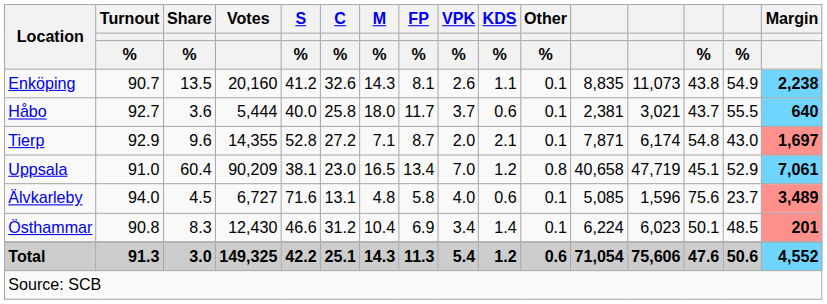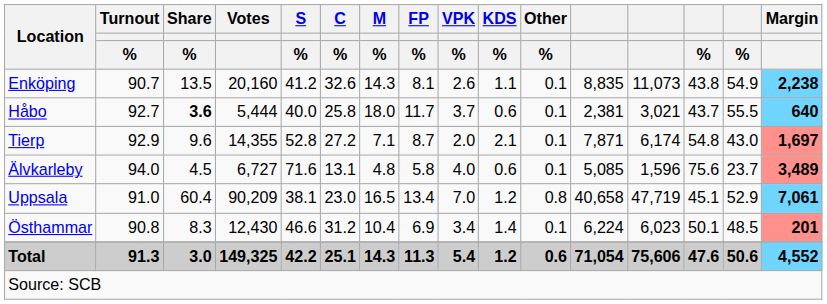 <table class="wikitable sortable" style="text-align:right; font-size:95%; line-height:20px;">
 <tr>
 <th rowspan="3">Location</th>
 <th>Turnout</th>
 <th>Share</th>
 <th>Votes</th>
 <th width="30px" class="unsortable"><a href='#'>S</a></th>
 <th width="30px" class="unsortable"><a href='#'>C</a></th>
 <th width="30px" class="unsortable"><a href='#'>M</a></th>
 <th width="30px" class="unsortable"><a href='#'>FP</a></th>
 <th width="30px" class="unsortable"><a href='#'>VPK</a></th>
 <th width="30px" class="unsortable"><a href='#'>KDS</a></th>
 <th width="30px" class="unsortable">Other</th>
 <th></th>
 <th></th>
 <th></th>
 <th></th>
 <th>Margin</th>
 </tr>
 <tr>
 <th></th>
 <th></th>
 <th></th>
 <th style="background:"></th>
 <th style="background:"></th>
 <th style="background:"></th>
 <th style="background:"></th>
 <th style="background:"></th>
 <th style="background:"></th>
 <th style="background:"></th>
 <th style="background:"></th>
 <th style="background:"></th>
 <th style="background:"></th>
 <th style="background:"></th>
 <th></th>
 </tr>
 <tr>
 <th data-sort-type="number">%</th>
 <th data-sort-type="number">%</th>
 <th></th>
 <th data-sort-type="number">%</th>
 <th data-sort-type="number">%</th>
 <th data-sort-type="number">%</th>
 <th data-sort-type="number">%</th>
 <th data-sort-type="number">%</th>
 <th data-sort-type="number">%</th>
 <th data-sort-type="number">%</th>
 <th data-sort-type="number"></th>
 <th data-sort-type="number"></th>
 <th data-sort-type="number">%</th>
 <th data-sort-type="number">%</th>
 <th data-sort-type="number"></th>
 </tr>
 <tr>
 <td align=left><a href='#'>Enköping</a></td>
 <td>90.7</td>
 <td>13.5</td>
 <td>20,160</td>
 <td>41.2</td>
 <td>32.6</td>
 <td>14.3</td>
 <td>8.1</td>
 <td>2.6</td>
 <td>1.1</td>
 <td>0.1</td>
 <td>8,835</td>
 <td>11,073</td>
 <td>43.8</td>
 <td>54.9</td>
 <td bgcolor=#6fd5fe><strong>2,238</strong></td>
 </tr>
 <tr>
 <td align=left><a href='#'>Håbo</a></td>
 <td>92.7</td>
-<td>3.6</td>
+<td><strong>3.6</strong></td>
 <td>5,444</td>
 <td>40.0</td>
 <td>25.8</td>
 <td>18.0</td>
 <td>11.7</td>
 <td>3.7</td>
 <td>0.6</td>
 <td>0.1</td>
 <td>2,381</td>
 <td>3,021</td>
 <td>43.7</td>
 <td>55.5</td>
 <td bgcolor=#6fd5fe><strong>640</strong></td>
 </tr>
 <tr>
 <td align=left><a href='#'>Tierp</a></td>
 <td>92.9</td>
 <td>9.6</td>
 <td>14,355</td>
 <td>52.8</td>
 <td>27.2</td>
 <td>7.1</td>
 <td>8.7</td>
 <td>2.0</td>
 <td>2.1</td>
 <td>0.1</td>
 <td>7,871</td>
 <td>6,174</td>
 <td>54.8</td>
 <td>43.0</td>
 <td bgcolor=#ff908c><strong>1,697</strong></td>
 </tr>
 <tr>
+<td align=left><a href='#'>Älvkarleby</a></td>
+<td>94.0</td>
+<td>4.5</td>
+<td>6,727</td>
+<td>71.6</td>
+<td>13.1</td>
+<td>4.8</td>
+<td>5.8</td>
+<td>4.0</td>
+<td>0.6</td>
+<td>0.1</td>
+<td>5,085</td>
+<td>1,596</td>
+<td>75.6</td>
+<td>23.7</td>
+<td bgcolor=#ff908c><strong>3,489</strong></td>
+</tr>
+<tr>
 <td align=left><a href='#'>Uppsala</a></td>
 <td>91.0</td>
 <td>60.4</td>
 <td>90,209</td>
 <td>38.1</td>
 <td>23.0</td>
 <td>16.5</td>
 <td>13.4</td>
 <td>7.0</td>
 <td>1.2</td>
 <td>0.8</td>
 <td>40,658</td>
 <td>47,719</td>
 <td>45.1</td>
 <td>52.9</td>
 <td bgcolor=#6fd5fe><strong>7,061</strong></td>
-</tr>
-<tr>
-<td align=left><a href='#'>Älvkarleby</a></td>
-<td>94.0</td>
-<td>4.5</td>
-<td>6,727</td>
-<td>71.6</td>
-<td>13.1</td>
-<td>4.8</td>
-<td>5.8</td>
-<td>4.0</td>
-<td>0.6</td>
-<td>0.1</td>
-<td>5,085</td>
-<td>1,596</td>
-<td>75.6</td>
-<td>23.7</td>
-<td bgcolor=#ff908c><strong>3,489</strong></td>
 </tr>
 <tr>
 <td align=left><a href='#'>Östhammar</a></td>
 <td>90.8</td>
 <td>8.3</td>
 <td>12,430</td>
 <td>46.6</td>
 <td>31.2</td>
 <td>10.4</td>
 <td>6.9</td>
 <td>3.4</td>
 <td>1.4</td>
 <td>0.1</td>
 <td>6,224</td>
 <td>6,023</td>
 <td>50.1</td>
 <td>48.5</td>
 <td bgcolor=#ff908c><strong>201</strong></td>
 </tr>
 <tr>
 </tr>
 <tr style="background:#CDCDCD;">
 <td align=left><strong>Total</strong></td>
 <td><strong>91.3</strong></td>
 <td><strong>3.0</strong></td>
 <td><strong>149,325</strong></td>
 <td><strong>42.2</strong></td>
 <td><strong>25.1</strong></td>
 <td><strong>14.3</strong></td>
 <td><strong>11.3</strong></td>
 <td><strong>5.4</strong></td>
 <td><strong>1.2</strong></td>
 <td><strong>0.6</strong></td>
 <td><strong>71,054</strong></td>
 <td><strong>75,606</strong></td>
 <td><strong>47.6</strong></td>
 <td><strong>50.6</strong></td>
 <td bgcolor=#6fd5fe><strong>4,552</strong></td>
 </tr>
 <tr>
 <td align=left colspan=16>Source: SCB </td>
 </tr>
 </table>
